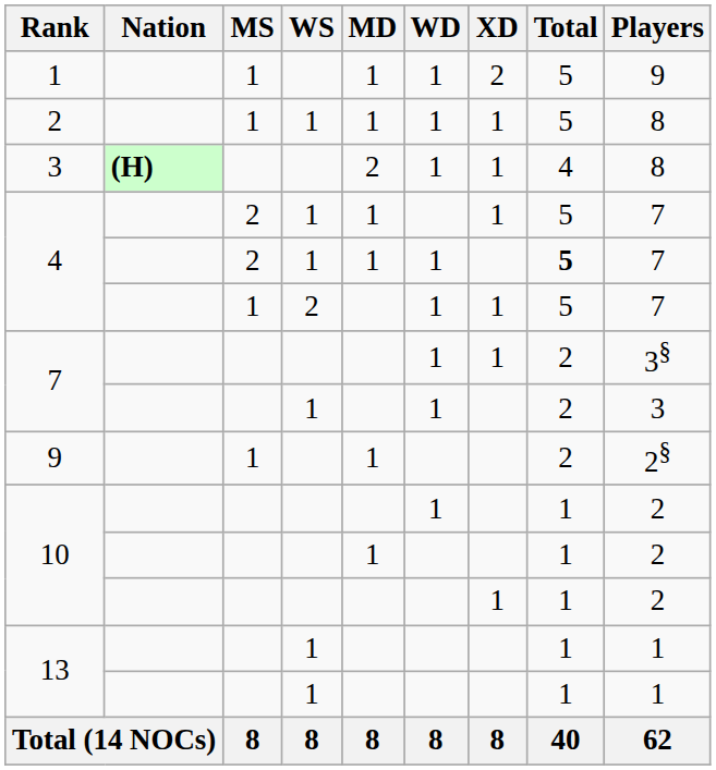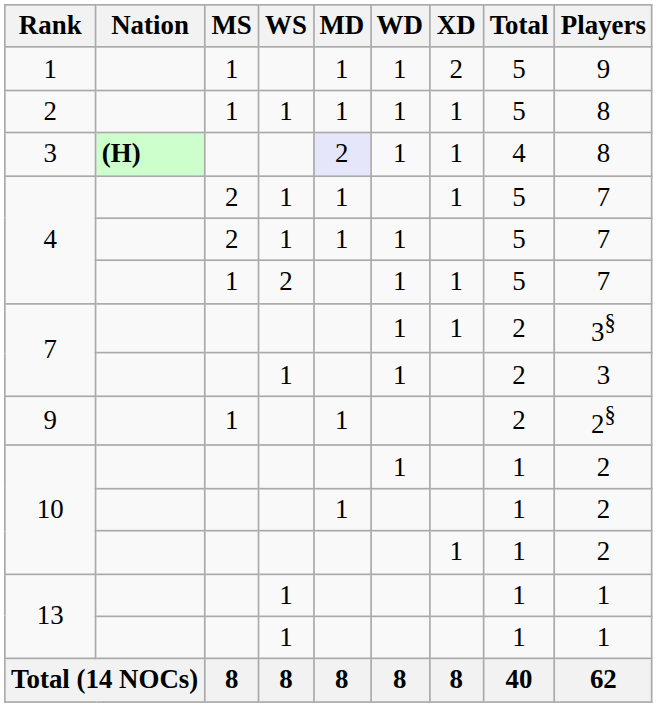 <table class="wikitable" style="text-align:center">
 <tr>
 <th>Rank</th>
 <th>Nation</th>
 <th width="25">MS</th>
 <th width="25">WS</th>
 <th width="25">MD</th>
 <th width="25">WD</th>
 <th width="25">XD</th>
 <th width="25">Total</th>
 <th width="25">Players</th>
 </tr>
 <tr>
 <td>1</td>
 <td align="left"></td>
 <td>1</td>
 <td></td>
 <td>1</td>
 <td>1</td>
 <td>2</td>
 <td>5</td>
 <td>9</td>
 </tr>
 <tr>
 <td>2</td>
 <td align="left"></td>
 <td>1</td>
 <td>1</td>
 <td>1</td>
 <td>1</td>
 <td>1</td>
 <td>5</td>
 <td>8</td>
 </tr>
 <tr>
 <td>3</td>
 <td align="left" bgcolor="#ccffcc"> <strong>(H)</strong></td>
 <td></td>
 <td></td>
-<td>2</td>
+<td style="background: lavender;">2</td>
 <td>1</td>
 <td>1</td>
 <td>4</td>
 <td>8</td>
 </tr>
 <tr>
 <td rowspan="3">4</td>
 <td align="left"></td>
 <td>2</td>
 <td>1</td>
 <td>1</td>
 <td></td>
 <td>1</td>
 <td>5</td>
 <td>7</td>
 </tr>
 <tr>
 <td align="left"></td>
 <td>2</td>
 <td>1</td>
 <td>1</td>
 <td>1</td>
 <td></td>
-<td><strong>5</strong></td>
+<td>5</td>
 <td>7</td>
 </tr>
 <tr>
 <td align="left"></td>
 <td>1</td>
 <td>2</td>
 <td></td>
 <td>1</td>
 <td>1</td>
 <td>5</td>
 <td>7</td>
 </tr>
 <tr>
 <td rowspan="2">7</td>
 <td align="left"></td>
 <td></td>
 <td></td>
 <td></td>
 <td>1</td>
 <td>1</td>
 <td>2</td>
 <td>3<sup>§</sup></td>
 </tr>
 <tr>
 <td align="left"></td>
 <td></td>
 <td>1</td>
 <td></td>
 <td>1</td>
 <td></td>
 <td>2</td>
 <td>3</td>
 </tr>
 <tr>
 <td>9</td>
 <td align="left"></td>
 <td>1</td>
 <td></td>
 <td>1</td>
 <td></td>
 <td></td>
 <td>2</td>
 <td>2<sup>§</sup></td>
 </tr>
 <tr>
 <td rowspan="3">10</td>
 <td align="left"></td>
 <td></td>
 <td></td>
 <td></td>
 <td>1</td>
 <td></td>
 <td>1</td>
 <td>2</td>
 </tr>
 <tr>
 <td align="left"></td>
 <td></td>
 <td></td>
 <td>1</td>
 <td></td>
 <td></td>
 <td>1</td>
 <td>2</td>
 </tr>
 <tr>
 <td align="left"></td>
 <td></td>
 <td></td>
 <td></td>
 <td></td>
 <td>1</td>
 <td>1</td>
 <td>2</td>
 </tr>
 <tr>
 <td rowspan="2">13</td>
 <td align="left"></td>
 <td></td>
 <td>1</td>
 <td></td>
 <td></td>
 <td></td>
 <td>1</td>
 <td>1</td>
 </tr>
 <tr>
 <td align="left"></td>
 <td></td>
 <td>1</td>
 <td></td>
 <td></td>
 <td></td>
 <td>1</td>
 <td>1</td>
 </tr>
 <tr>
 <th colspan="2">Total (14 NOCs)</th>
 <th>8</th>
 <th>8</th>
 <th>8</th>
 <th>8</th>
 <th>8</th>
 <th>40</th>
 <th>62</th>
 </tr>
 </table>
